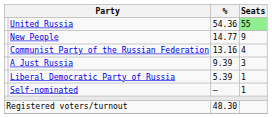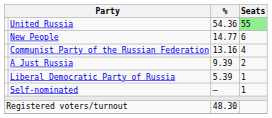 <table class="wikitable">
 <tr>
 <th colspan=2>Party</th>
 <th>%</th>
 <th>Seats</th>
 </tr>
 <tr>
 <td style="background:"></td>
 <td><a href='#'>United Russia</a></td>
 <td>54.36</td>
 <td style="background: lightgreen;">55</td>
 </tr>
 <tr>
 <td style="background:"></td>
 <td><a href='#'>New People</a></td>
 <td>14.77</td>
-<td>9</td>
+<td>6</td>
 </tr>
 <tr>
 <td style="background:"></td>
 <td><a href='#'>Communist Party of the Russian Federation</a></td>
 <td>13.16</td>
 <td>4</td>
 </tr>
 <tr>
 <td style="background:"></td>
 <td><a href='#'>A Just Russia</a></td>
 <td>9.39</td>
-<td>3</td>
+<td>2</td>
 </tr>
 <tr>
 <td style="background:"></td>
 <td><a href='#'>Liberal Democratic Party of Russia</a></td>
 <td>5.39</td>
 <td>1</td>
 </tr>
 <tr>
 <td style="background:"></td>
 <td><a href='#'>Self-nominated</a></td>
 <td>—</td>
 <td>1</td>
 </tr>
 <tr>
 <td colspan=4 style="background:#E9E9E9;"></td>
 </tr>
 <tr>
 <td align=left colspan=2>Registered voters/turnout</td>
 <td>48.30</td>
 <td></td>
 </tr>
 <tr>
 </tr>
 </table>
